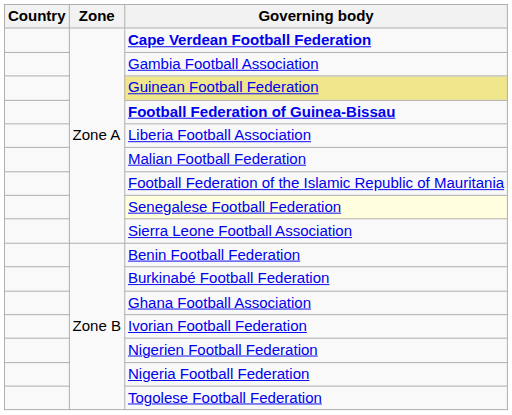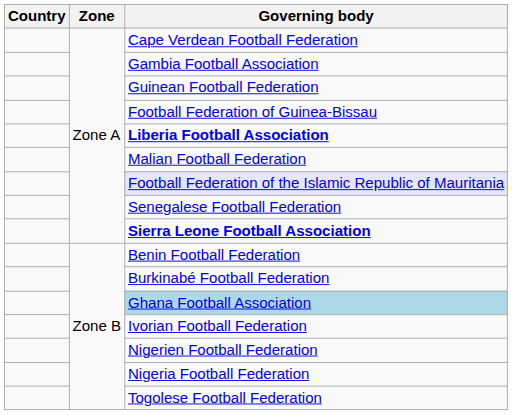 <table class="wikitable sortable">
 <tr>
 <th>Country</th>
 <th>Zone</th>
 <th>Governing body</th>
 </tr>
 <tr>
 <td></td>
 <td rowspan="9">Zone A</td>
-<td><strong><a href='#'>Cape Verdean Football Federation</a></strong></td>
+<td><a href='#'>Cape Verdean Football Federation</a></td>
 </tr>
 <tr>
 <td></td>
 <td><a href='#'>Gambia Football Association</a></td>
 </tr>
 <tr>
 <td></td>
-<td style="background: khaki;"><a href='#'>Guinean Football Federation</a></td>
+<td><a href='#'>Guinean Football Federation</a></td>
 </tr>
 <tr>
 <td></td>
-<td><strong><a href='#'>Football Federation of Guinea-Bissau</a></strong></td>
+<td><a href='#'>Football Federation of Guinea-Bissau</a></td>
 </tr>
 <tr>
 <td></td>
-<td><a href='#'>Liberia Football Association</a></td>
+<td><strong><a href='#'>Liberia Football Association</a></strong></td>
 </tr>
 <tr>
 <td></td>
 <td><a href='#'>Malian Football Federation</a></td>
 </tr>
 <tr>
 <td></td>
-<td><a href='#'>Football Federation of the Islamic Republic of Mauritania</a></td>
+<td style="background: lavender;"><a href='#'>Football Federation of the Islamic Republic of Mauritania</a></td>
 </tr>
 <tr>
 <td></td>
-<td style="background: lightyellow;"><a href='#'>Senegalese Football Federation</a></td>
+<td><a href='#'>Senegalese Football Federation</a></td>
 </tr>
 <tr>
 <td></td>
-<td><a href='#'>Sierra Leone Football Association</a></td>
+<td><strong><a href='#'>Sierra Leone Football Association</a></strong></td>
 </tr>
 <tr>
 <td></td>
 <td rowspan="7">Zone B</td>
 <td><a href='#'>Benin Football Federation</a></td>
 </tr>
 <tr>
 <td></td>
 <td><a href='#'>Burkinabé Football Federation</a></td>
 </tr>
 <tr>
 <td></td>
-<td><a href='#'>Ghana Football Association</a></td>
+<td style="background: lightblue;"><a href='#'>Ghana Football Association</a></td>
 </tr>
 <tr>
 <td></td>
 <td><a href='#'>Ivorian Football Federation</a></td>
 </tr>
 <tr>
 <td></td>
 <td><a href='#'>Nigerien Football Federation</a></td>
 </tr>
 <tr>
 <td></td>
 <td><a href='#'>Nigeria Football Federation</a></td>
 </tr>
 <tr>
 <td></td>
 <td><a href='#'>Togolese Football Federation</a></td>
 </tr>
 </table>
